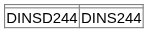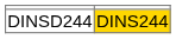 <table border="1" cellpadding="1" cellspacing="0" style="font-size: 85%; border: gray solid 1px; border-collapse: collapse; text-align: middle;">
 <tr>
 <td align=center></td>
 <td align=center></td>
 </tr>
 <tr>
 <td>DINSD244</td>
-<td>DINS244</td>
+<td style="background: gold;">DINS244</td>
 </tr>
 </table>
